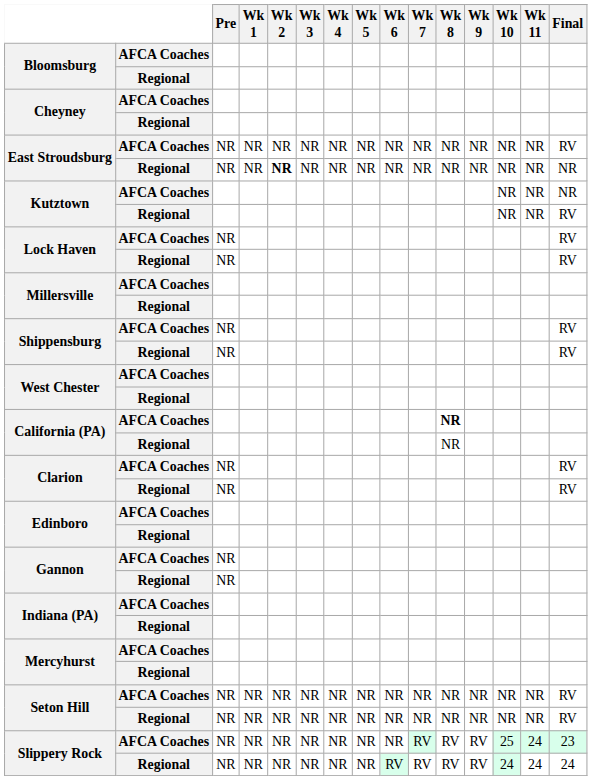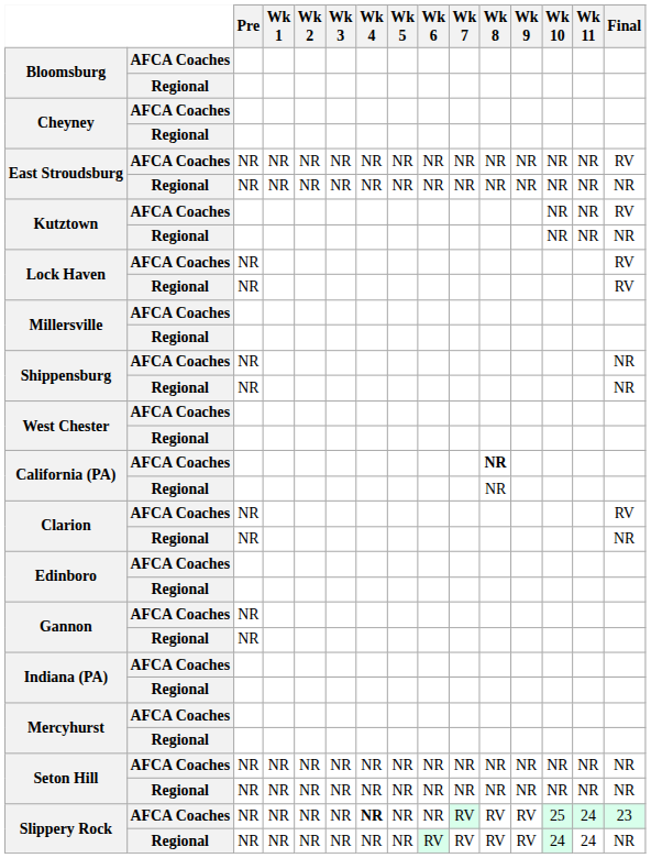 <table class="wikitable" style="white-space:nowrap;font-size:85%;">
 <tr>
 <th colspan=2 style="background:white; border-top-style:hidden; border-left-style:hidden;"> </th>
 <th>Pre</th>
 <th>Wk <br> 1</th>
 <th>Wk <br> 2</th>
 <th>Wk <br> 3</th>
 <th>Wk <br> 4</th>
 <th>Wk <br> 5</th>
 <th>Wk <br> 6</th>
 <th>Wk <br> 7</th>
 <th>Wk <br> 8</th>
 <th>Wk <br> 9</th>
 <th>Wk <br> 10</th>
 <th>Wk <br> 11</th>
 <th>Final</th>
 </tr>
 <tr style="text-align:center;">
 <th rowspan="2">Bloomsburg</th>
 <th>AFCA Coaches</th>
 <td style="background:#FFF;"></td>
 <td style="background:#FFF;"></td>
 <td style="background:#FFF;"></td>
 <td style="background:#FFF;"></td>
 <td style="background:#FFF;"></td>
 <td style="background:#FFF;"></td>
 <td style="background:#FFF;"></td>
 <td style="background:#FFF;"></td>
 <td style="background:#FFF;"></td>
 <td style="background:#FFF;"></td>
 <td style="background:#FFF;"></td>
 <td style="background:#FFF;"></td>
 <td style="background:#FFF;"></td>
 </tr>
 <tr style="text-align:center;">
 <th>Regional</th>
 <td style="background:#FFF;"></td>
 <td style="background:#FFF;"></td>
 <td style="background:#FFF;"></td>
 <td style="background:#FFF;"></td>
 <td style="background:#FFF;"></td>
 <td style="background:#FFF;"></td>
 <td style="background:#FFF;"></td>
 <td style="background:#FFF;"></td>
 <td style="background:#FFF;"></td>
 <td style="background:#FFF;"></td>
 <td style="background:#FFF;"></td>
 <td style="background:#FFF;"></td>
 <td style="background:#FFF;"></td>
 </tr>
 <tr style="text-align:center;">
 <th rowspan="2">Cheyney</th>
 <th>AFCA Coaches</th>
 <td style="background:#FFF;"></td>
 <td style="background:#FFF;"></td>
 <td style="background:#FFF;"></td>
 <td style="background:#FFF;"></td>
 <td style="background:#FFF;"></td>
 <td style="background:#FFF;"></td>
 <td style="background:#FFF;"></td>
 <td style="background:#FFF;"></td>
 <td style="background:#FFF;"></td>
 <td style="background:#FFF;"></td>
 <td style="background:#FFF;"></td>
 <td style="background:#FFF;"></td>
 <td style="background:#FFF;"></td>
 </tr>
 <tr style="text-align:center;">
 <th>Regional</th>
 <td style="background:#FFF;"></td>
 <td style="background:#FFF;"></td>
 <td style="background:#FFF;"></td>
 <td style="background:#FFF;"></td>
 <td style="background:#FFF;"></td>
 <td style="background:#FFF;"></td>
 <td style="background:#FFF;"></td>
 <td style="background:#FFF;"></td>
 <td style="background:#FFF;"></td>
 <td style="background:#FFF;"></td>
 <td style="background:#FFF;"></td>
 <td style="background:#FFF;"></td>
 <td style="background:#FFF;"></td>
 </tr>
 <tr style="text-align:center;">
 <th rowspan="2">East Stroudsburg</th>
 <th>AFCA Coaches</th>
 <td style="background:#FFF;">NR</td>
 <td style="background:#FFF;">NR</td>
 <td style="background:#FFF;">NR</td>
 <td style="background:#FFF;">NR</td>
 <td style="background:#FFF;">NR</td>
 <td style="background:#FFF;">NR</td>
 <td style="background:#FFF;">NR</td>
 <td style="background:#FFF;">NR</td>
 <td style="background:#FFF;">NR</td>
 <td style="background:#FFF;">NR</td>
 <td style="background:#FFF;">NR</td>
 <td style="background:#FFF;">NR</td>
 <td style="background:#FFF;">RV</td>
 </tr>
 <tr style="text-align:center;">
 <th>Regional</th>
 <td style="background:#FFF;">NR</td>
 <td style="background:#FFF;">NR</td>
-<td style="background:#FFF;"><strong>NR</strong></td>
+<td style="background:#FFF;">NR</td>
 <td style="background:#FFF;">NR</td>
 <td style="background:#FFF;">NR</td>
 <td style="background:#FFF;">NR</td>
 <td style="background:#FFF;">NR</td>
 <td style="background:#FFF;">NR</td>
 <td style="background:#FFF;">NR</td>
 <td style="background:#FFF;">NR</td>
 <td style="background:#FFF;">NR</td>
 <td style="background:#FFF;">NR</td>
 <td style="background:#FFF;">NR</td>
 </tr>
 <tr style="text-align:center;">
 <th rowspan="2">Kutztown</th>
 <th>AFCA Coaches</th>
 <td style="background:#FFF;"></td>
 <td style="background:#FFF;"></td>
 <td style="background:#FFF;"></td>
 <td style="background:#FFF;"></td>
 <td style="background:#FFF;"></td>
 <td style="background:#FFF;"></td>
 <td style="background:#FFF;"></td>
 <td style="background:#FFF;"></td>
 <td style="background:#FFF;"></td>
 <td style="background:#FFF;"></td>
 <td style="background:#FFF;">NR</td>
 <td style="background:#FFF;">NR</td>
-<td style="background:#FFF;">NR</td>
+<td style="background:#FFF;">RV</td>
 </tr>
 <tr style="text-align:center;">
 <th>Regional</th>
 <td style="background:#FFF;"></td>
 <td style="background:#FFF;"></td>
 <td style="background:#FFF;"></td>
 <td style="background:#FFF;"></td>
 <td style="background:#FFF;"></td>
 <td style="background:#FFF;"></td>
 <td style="background:#FFF;"></td>
 <td style="background:#FFF;"></td>
 <td style="background:#FFF;"></td>
 <td style="background:#FFF;"></td>
 <td style="background:#FFF;">NR</td>
 <td style="background:#FFF;">NR</td>
-<td style="background:#FFF;">RV</td>
+<td style="background:#FFF;">NR</td>
 </tr>
 <tr style="text-align:center;">
 <th rowspan="2">Lock Haven</th>
 <th>AFCA Coaches</th>
 <td style="background:#FFF;">NR</td>
 <td style="background:#FFF;"></td>
 <td style="background:#FFF;"></td>
 <td style="background:#FFF;"></td>
 <td style="background:#FFF;"></td>
 <td style="background:#FFF;"></td>
 <td style="background:#FFF;"></td>
 <td style="background:#FFF;"></td>
 <td style="background:#FFF;"></td>
 <td style="background:#FFF;"></td>
 <td style="background:#FFF;"></td>
 <td style="background:#FFF;"></td>
 <td style="background:#FFF;">RV</td>
 </tr>
 <tr style="text-align:center;">
 <th>Regional</th>
 <td style="background:#FFF;">NR</td>
 <td style="background:#FFF;"></td>
 <td style="background:#FFF;"></td>
 <td style="background:#FFF;"></td>
 <td style="background:#FFF;"></td>
 <td style="background:#FFF;"></td>
 <td style="background:#FFF;"></td>
 <td style="background:#FFF;"></td>
 <td style="background:#FFF;"></td>
 <td style="background:#FFF;"></td>
 <td style="background:#FFF;"></td>
 <td style="background:#FFF;"></td>
 <td style="background:#FFF;">RV</td>
 </tr>
 <tr style="text-align:center;">
 <th rowspan="2">Millersville</th>
 <th>AFCA Coaches</th>
 <td style="background:#FFF;"></td>
 <td style="background:#FFF;"></td>
 <td style="background:#FFF;"></td>
 <td style="background:#FFF;"></td>
 <td style="background:#FFF;"></td>
 <td style="background:#FFF;"></td>
 <td style="background:#FFF;"></td>
 <td style="background:#FFF;"></td>
 <td style="background:#FFF;"></td>
 <td style="background:#FFF;"></td>
 <td style="background:#FFF;"></td>
 <td style="background:#FFF;"></td>
 <td style="background:#FFF;"></td>
 </tr>
 <tr style="text-align:center;">
 <th>Regional</th>
 <td style="background:#FFF;"></td>
 <td style="background:#FFF;"></td>
 <td style="background:#FFF;"></td>
 <td style="background:#FFF;"></td>
 <td style="background:#FFF;"></td>
 <td style="background:#FFF;"></td>
 <td style="background:#FFF;"></td>
 <td style="background:#FFF;"></td>
 <td style="background:#FFF;"></td>
 <td style="background:#FFF;"></td>
 <td style="background:#FFF;"></td>
 <td style="background:#FFF;"></td>
 <td style="background:#FFF;"></td>
 </tr>
 <tr style="text-align:center;">
 <th rowspan="2">Shippensburg</th>
 <th>AFCA Coaches</th>
 <td style="background:#FFF;">NR</td>
 <td style="background:#FFF;"></td>
 <td style="background:#FFF;"></td>
 <td style="background:#FFF;"></td>
 <td style="background:#FFF;"></td>
 <td style="background:#FFF;"></td>
 <td style="background:#FFF;"></td>
 <td style="background:#FFF;"></td>
 <td style="background:#FFF;"></td>
 <td style="background:#FFF;"></td>
 <td style="background:#FFF;"></td>
 <td style="background:#FFF;"></td>
-<td style="background:#FFF;">RV</td>
+<td style="background:#FFF;">NR</td>
 </tr>
 <tr style="text-align:center;">
 <th>Regional</th>
 <td style="background:#FFF;">NR</td>
 <td style="background:#FFF;"></td>
 <td style="background:#FFF;"></td>
 <td style="background:#FFF;"></td>
 <td style="background:#FFF;"></td>
 <td style="background:#FFF;"></td>
 <td style="background:#FFF;"></td>
 <td style="background:#FFF;"></td>
 <td style="background:#FFF;"></td>
 <td style="background:#FFF;"></td>
 <td style="background:#FFF;"></td>
 <td style="background:#FFF;"></td>
-<td style="background:#FFF;">RV</td>
+<td style="background:#FFF;">NR</td>
 </tr>
 <tr style="text-align:center;">
 <th rowspan="2">West Chester</th>
 <th>AFCA Coaches</th>
 <td style="background:#FFF;"></td>
 <td style="background:#FFF;"></td>
 <td style="background:#FFF;"></td>
 <td style="background:#FFF;"></td>
 <td style="background:#FFF;"></td>
 <td style="background:#FFF;"></td>
 <td style="background:#FFF;"></td>
 <td style="background:#FFF;"></td>
 <td style="background:#FFF;"></td>
 <td style="background:#FFF;"></td>
 <td style="background:#FFF;"></td>
 <td style="background:#FFF;"></td>
 <td style="background:#FFF;"></td>
 </tr>
 <tr style="text-align:center;">
 <th>Regional</th>
 <td style="background:#FFF;"></td>
 <td style="background:#FFF;"></td>
 <td style="background:#FFF;"></td>
 <td style="background:#FFF;"></td>
 <td style="background:#FFF;"></td>
 <td style="background:#FFF;"></td>
 <td style="background:#FFF;"></td>
 <td style="background:#FFF;"></td>
 <td style="background:#FFF;"></td>
 <td style="background:#FFF;"></td>
 <td style="background:#FFF;"></td>
 <td style="background:#FFF;"></td>
 <td style="background:#FFF;"></td>
 </tr>
 <tr style="text-align:center;">
 <th rowspan="2">California (PA)</th>
 <th>AFCA Coaches</th>
 <td style="background:#FFF;"></td>
 <td style="background:#FFF;"></td>
 <td style="background:#FFF;"></td>
 <td style="background:#FFF;"></td>
 <td style="background:#FFF;"></td>
 <td style="background:#FFF;"></td>
 <td style="background:#FFF;"></td>
 <td style="background:#FFF;"></td>
 <td style="background:#FFF;"><strong>NR</strong></td>
 <td style="background:#FFF;"></td>
 <td style="background:#FFF;"></td>
 <td style="background:#FFF;"></td>
 <td style="background:#FFF;"></td>
 </tr>
 <tr style="text-align:center;">
 <th>Regional</th>
 <td style="background:#FFF;"></td>
 <td style="background:#FFF;"></td>
 <td style="background:#FFF;"></td>
 <td style="background:#FFF;"></td>
 <td style="background:#FFF;"></td>
 <td style="background:#FFF;"></td>
 <td style="background:#FFF;"></td>
 <td style="background:#FFF;"></td>
 <td style="background:#FFF;">NR</td>
 <td style="background:#FFF;"></td>
 <td style="background:#FFF;"></td>
 <td style="background:#FFF;"></td>
 <td style="background:#FFF;"></td>
 </tr>
 <tr style="text-align:center;">
 <th rowspan="2">Clarion</th>
 <th>AFCA Coaches</th>
 <td style="background:#FFF;">NR</td>
 <td style="background:#FFF;"></td>
 <td style="background:#FFF;"></td>
 <td style="background:#FFF;"></td>
 <td style="background:#FFF;"></td>
 <td style="background:#FFF;"></td>
 <td style="background:#FFF;"></td>
 <td style="background:#FFF;"></td>
 <td style="background:#FFF;"></td>
 <td style="background:#FFF;"></td>
 <td style="background:#FFF;"></td>
 <td style="background:#FFF;"></td>
 <td style="background:#FFF;">RV</td>
 </tr>
 <tr style="text-align:center;">
 <th>Regional</th>
 <td style="background:#FFF;">NR</td>
 <td style="background:#FFF;"></td>
 <td style="background:#FFF;"></td>
 <td style="background:#FFF;"></td>
 <td style="background:#FFF;"></td>
 <td style="background:#FFF;"></td>
 <td style="background:#FFF;"></td>
 <td style="background:#FFF;"></td>
 <td style="background:#FFF;"></td>
 <td style="background:#FFF;"></td>
 <td style="background:#FFF;"></td>
 <td style="background:#FFF;"></td>
-<td style="background:#FFF;">RV</td>
+<td style="background:#FFF;">NR</td>
 </tr>
 <tr style="text-align:center;">
 <th rowspan="2">Edinboro</th>
 <th>AFCA Coaches</th>
 <td style="background:#FFF;"></td>
 <td style="background:#FFF;"></td>
 <td style="background:#FFF;"></td>
 <td style="background:#FFF;"></td>
 <td style="background:#FFF;"></td>
 <td style="background:#FFF;"></td>
 <td style="background:#FFF;"></td>
 <td style="background:#FFF;"></td>
 <td style="background:#FFF;"></td>
 <td style="background:#FFF;"></td>
 <td style="background:#FFF;"></td>
 <td style="background:#FFF;"></td>
 <td style="background:#FFF;"></td>
 </tr>
 <tr style="text-align:center;">
 <th>Regional</th>
 <td style="background:#FFF;"></td>
 <td style="background:#FFF;"></td>
 <td style="background:#FFF;"></td>
 <td style="background:#FFF;"></td>
 <td style="background:#FFF;"></td>
 <td style="background:#FFF;"></td>
 <td style="background:#FFF;"></td>
 <td style="background:#FFF;"></td>
 <td style="background:#FFF;"></td>
 <td style="background:#FFF;"></td>
 <td style="background:#FFF;"></td>
 <td style="background:#FFF;"></td>
 <td style="background:#FFF;"></td>
 </tr>
 <tr style="text-align:center;">
 <th rowspan="2">Gannon</th>
 <th>AFCA Coaches</th>
 <td style="background:#FFF;">NR</td>
 <td style="background:#FFF;"></td>
 <td style="background:#FFF;"></td>
 <td style="background:#FFF;"></td>
 <td style="background:#FFF;"></td>
 <td style="background:#FFF;"></td>
 <td style="background:#FFF;"></td>
 <td style="background:#FFF;"></td>
 <td style="background:#FFF;"></td>
 <td style="background:#FFF;"></td>
 <td style="background:#FFF;"></td>
 <td style="background:#FFF;"></td>
 <td style="background:#FFF;"></td>
 </tr>
 <tr style="text-align:center;">
 <th>Regional</th>
 <td style="background:#FFF;">NR</td>
 <td style="background:#FFF;"></td>
 <td style="background:#FFF;"></td>
 <td style="background:#FFF;"></td>
 <td style="background:#FFF;"></td>
 <td style="background:#FFF;"></td>
 <td style="background:#FFF;"></td>
 <td style="background:#FFF;"></td>
 <td style="background:#FFF;"></td>
 <td style="background:#FFF;"></td>
 <td style="background:#FFF;"></td>
 <td style="background:#FFF;"></td>
 <td style="background:#FFF;"></td>
 </tr>
 <tr style="text-align:center;">
 <th rowspan="2">Indiana (PA)</th>
 <th>AFCA Coaches</th>
 <td style="background:#FFF;"></td>
 <td style="background:#FFF;"></td>
 <td style="background:#FFF;"></td>
 <td style="background:#FFF;"></td>
 <td style="background:#FFF;"></td>
 <td style="background:#FFF;"></td>
 <td style="background:#FFF;"></td>
 <td style="background:#FFF;"></td>
 <td style="background:#FFF;"></td>
 <td style="background:#FFF;"></td>
 <td style="background:#FFF;"></td>
 <td style="background:#FFF;"></td>
 <td style="background:#FFF;"></td>
 </tr>
 <tr style="text-align:center;">
 <th>Regional</th>
 <td style="background:#FFF;"></td>
 <td style="background:#FFF;"></td>
 <td style="background:#FFF;"></td>
 <td style="background:#FFF;"></td>
 <td style="background:#FFF;"></td>
 <td style="background:#FFF;"></td>
 <td style="background:#FFF;"></td>
 <td style="background:#FFF;"></td>
 <td style="background:#FFF;"></td>
 <td style="background:#FFF;"></td>
 <td style="background:#FFF;"></td>
 <td style="background:#FFF;"></td>
 <td style="background:#FFF;"></td>
 </tr>
 <tr style="text-align:center;">
 <th rowspan="2">Mercyhurst</th>
 <th>AFCA Coaches</th>
 <td style="background:#FFF;"></td>
 <td style="background:#FFF;"></td>
 <td style="background:#FFF;"></td>
 <td style="background:#FFF;"></td>
 <td style="background:#FFF;"></td>
 <td style="background:#FFF;"></td>
 <td style="background:#FFF;"></td>
 <td style="background:#FFF;"></td>
 <td style="background:#FFF;"></td>
 <td style="background:#FFF;"></td>
 <td style="background:#FFF;"></td>
 <td style="background:#FFF;"></td>
 <td style="background:#FFF;"></td>
 </tr>
 <tr style="text-align:center;">
 <th>Regional</th>
 <td style="background:#FFF;"></td>
 <td style="background:#FFF;"></td>
 <td style="background:#FFF;"></td>
 <td style="background:#FFF;"></td>
 <td style="background:#FFF;"></td>
 <td style="background:#FFF;"></td>
 <td style="background:#FFF;"></td>
 <td style="background:#FFF;"></td>
 <td style="background:#FFF;"></td>
 <td style="background:#FFF;"></td>
 <td style="background:#FFF;"></td>
 <td style="background:#FFF;"></td>
 <td style="background:#FFF;"></td>
 </tr>
 <tr style="text-align:center;">
 <th rowspan="2">Seton Hill</th>
 <th>AFCA Coaches</th>
 <td style="background:#FFF;">NR</td>
 <td style="background:#FFF;">NR</td>
 <td style="background:#FFF;">NR</td>
 <td style="background:#FFF;">NR</td>
 <td style="background:#FFF;">NR</td>
 <td style="background:#FFF;">NR</td>
 <td style="background:#FFF;">NR</td>
 <td style="background:#FFF;">NR</td>
 <td style="background:#FFF;">NR</td>
 <td style="background:#FFF;">NR</td>
 <td style="background:#FFF;">NR</td>
 <td style="background:#FFF;">NR</td>
-<td style="background:#FFF;">RV</td>
+<td style="background:#FFF;">NR</td>
 </tr>
 <tr style="text-align:center;">
 <th>Regional</th>
 <td style="background:#FFF;">NR</td>
 <td style="background:#FFF;">NR</td>
 <td style="background:#FFF;">NR</td>
 <td style="background:#FFF;">NR</td>
 <td style="background:#FFF;">NR</td>
 <td style="background:#FFF;">NR</td>
 <td style="background:#FFF;">NR</td>
 <td style="background:#FFF;">NR</td>
 <td style="background:#FFF;">NR</td>
 <td style="background:#FFF;">NR</td>
 <td style="background:#FFF;">NR</td>
 <td style="background:#FFF;">NR</td>
-<td style="background:#FFF;">RV</td>
+<td style="background:#FFF;">NR</td>
 </tr>
 <tr style="text-align:center;">
 <th rowspan="2">Slippery Rock</th>
 <th>AFCA Coaches</th>
 <td style="background:#FFF;">NR</td>
 <td style="background:#FFF;">NR</td>
 <td style="background:#FFF;">NR</td>
 <td style="background:#FFF;">NR</td>
-<td style="background:#FFF;">NR</td>
+<td style="background:#FFF;"><strong>NR</strong></td>
 <td style="background:#FFF;">NR</td>
 <td style="background:#FFF;">NR</td>
 <td style="background:#d8ffeb;">RV</td>
 <td style="background:#FFF;">RV</td>
 <td style="background:#FFF;">RV</td>
 <td style="background:#d8ffeb;">25</td>
 <td style="background:#d8ffeb;">24</td>
 <td style="background:#d8ffeb;">23</td>
 </tr>
 <tr style="text-align:center;">
 <th>Regional</th>
 <td style="background:#FFF;">NR</td>
 <td style="background:#FFF;">NR</td>
 <td style="background:#FFF;">NR</td>
 <td style="background:#FFF;">NR</td>
 <td style="background:#FFF;">NR</td>
 <td style="background:#FFF;">NR</td>
 <td style="background:#d8ffeb;">RV</td>
 <td style="background:#FFF;">RV</td>
 <td style="background:#FFF;">RV</td>
 <td style="background:#FFF;">RV</td>
 <td style="background:#d8ffeb;">24</td>
 <td style="background:#FFF;">24</td>
-<td style="background:#FFF;">24</td>
+<td style="background:#FFF;">NR</td>
 </tr>
 </table>
